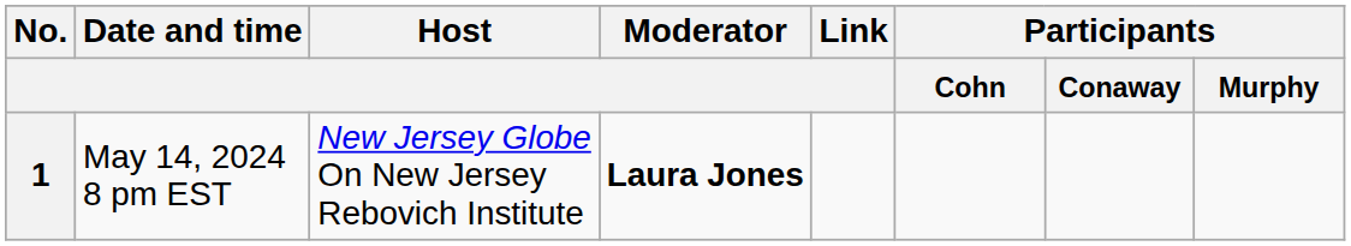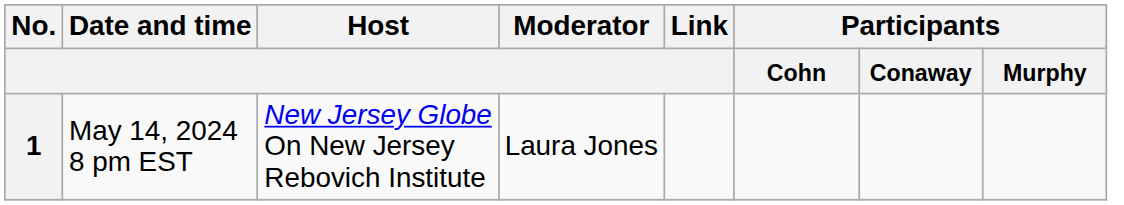 <table class="wikitable" text-align:center;">
 <tr>
 <th style="white-space:nowrap;">No.</th>
 <th>Date and time</th>
 <th>Host</th>
 <th>Moderator</th>
 <th>Link</th>
 <th scope="col" colspan="5">Participants</th>
 </tr>
 <tr>
 <th colspan="5"><br></th>
 <th scope="col" style="width:4em;"><small>Cohn</small></th>
 <th scope="col" style="width:4em;"><small>Conaway</small></th>
 <th scope="col" style="width:4em;"><small>Murphy</small></th>
 </tr>
 <tr>
 <th>1</th>
 <td style="white-space:nowrap;">May 14, 2024<br>8 pm EST</td>
 <td style="white-space:nowrap;"><em><a href='#'>New Jersey Globe</a></em><br>On New Jersey<br>Rebovich Institute</td>
-<td style="white-space:nowrap;"><strong>Laura Jones</strong></td>
+<td style="white-space:nowrap;">Laura Jones</td>
 <td style="white-space:nowrap;"></td>
 <td> </td>
 <td> </td>
 <td> </td>
 </tr>
 </table>
